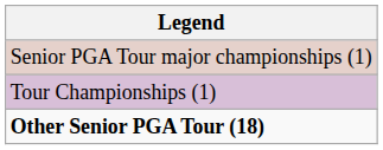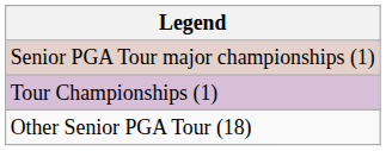 <table class="wikitable" style="font-size:95%;">
 <tr>
 <th>Legend</th>
 </tr>
 <tr style="background:#e5d1cb;">
 <td>Senior PGA Tour major championships (1)</td>
 </tr>
 <tr style="background:thistle;">
 <td>Tour Championships (1)</td>
 </tr>
 <tr>
-<td><strong>Other Senior PGA Tour (18)</strong></td>
+<td>Other Senior PGA Tour (18)</td>
 </tr>
 </table>
